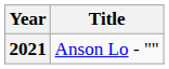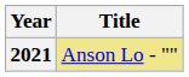 <table class="wikitable plainrowheaders">
 <tr>
 <th scope="col">Year</th>
 <th scope="col">Title</th>
 </tr>
 <tr>
 <th scope="row">2021</th>
-<td><a href='#'>Anson Lo</a> - ""</td>
+<td style="background: khaki;"><a href='#'>Anson Lo</a> - ""</td>
 </tr>
 </table>
